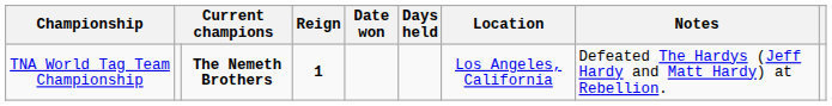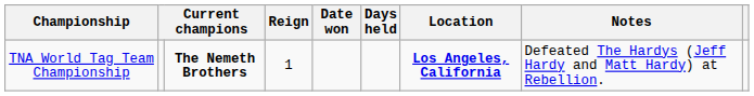 <table class="wikitable" style="font-size: 85%;">
 <tr>
 <th>Championship</th>
 <th colspan=2>Current champions</th>
 <th>Reign</th>
 <th>Date won</th>
 <th>Days<br>held</th>
 <th>Location</th>
 <th>Notes</th>
 <th class="unsortable"></th>
 </tr>
 <tr>
 <td align="center"><a href='#'>TNA World Tag Team Championship</a></td>
 <td align="center"><br></td>
 <td align="center"><strong>The Nemeth Brothers<br></strong></td>
-<td align="center"><strong>1</strong></td>
+<td align="center">1</td>
 <td align="center"></td>
 <td align="center"></td>
-<td align="center"><a href='#'>Los Angeles, California</a></td>
+<td align="center"><strong><a href='#'>Los Angeles, California</a></strong></td>
 <td align=left>Defeated <a href='#'>The Hardys</a> (<a href='#'>Jeff Hardy</a> and <a href='#'>Matt Hardy</a>) at <a href='#'>Rebellion</a>.</td>
 <td></td>
 </tr>
 </table>
